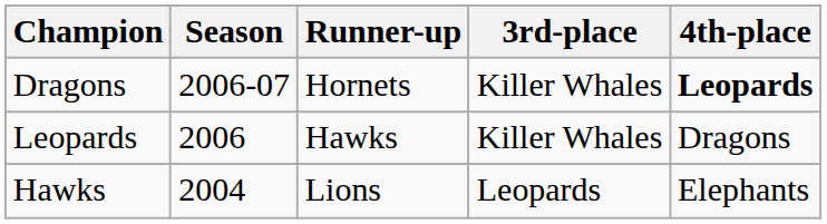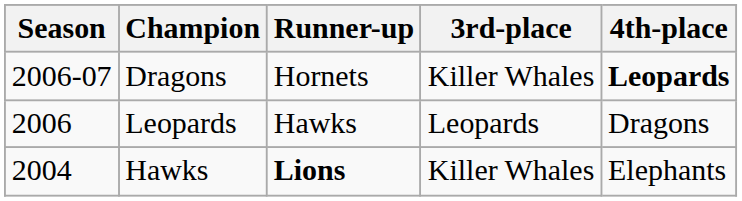 <table class="wikitable">
 <tr>
+<th>Season</th>
 <th>Champion</th>
-<th>Season</th>
 <th>Runner-up</th>
 <th>3rd-place</th>
 <th>4th-place</th>
 </tr>
 <tr>
+<td>2006-07</td>
 <td>Dragons</td>
-<td>2006-07</td>
 <td>Hornets</td>
 <td>Killer Whales</td>
 <td><strong>Leopards</strong></td>
 </tr>
 <tr>
+<td>2006</td>
 <td>Leopards</td>
-<td>2006</td>
 <td>Hawks</td>
-<td>Killer Whales</td>
+<td>Leopards</td>
 <td>Dragons</td>
 </tr>
 <tr>
+<td>2004</td>
 <td>Hawks</td>
-<td>2004</td>
-<td>Lions</td>
-<td>Leopards</td>
+<td><strong>Lions</strong></td>
+<td>Killer Whales</td>
 <td>Elephants</td>
 </tr>
 </table>
